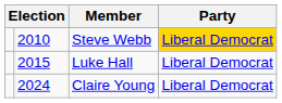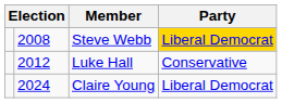 <table class="wikitable">
 <tr>
 <th colspan="2">Election</th>
 <th>Member</th>
 <th>Party</th>
 </tr>
 <tr>
 <td style="color:inherit;background-color: "></td>
-<td><a href='#'>2010</a></td>
+<td><a href='#'>2008</a></td>
 <td><a href='#'>Steve Webb</a></td>
 <td style="background: gold;"><a href='#'>Liberal Democrat</a></td>
 </tr>
 <tr>
 <td style="color:inherit;background-color: "></td>
-<td><a href='#'>2015</a></td>
+<td><a href='#'>2012</a></td>
 <td><a href='#'>Luke Hall</a></td>
-<td><a href='#'>Liberal Democrat</a></td>
+<td><a href='#'>Conservative</a></td>
 </tr>
 <tr>
 <td style="color:inherit;background-color: "></td>
 <td><a href='#'>2024</a></td>
 <td><a href='#'>Claire Young</a></td>
 <td><a href='#'>Liberal Democrat</a></td>
 </tr>
 </table>
